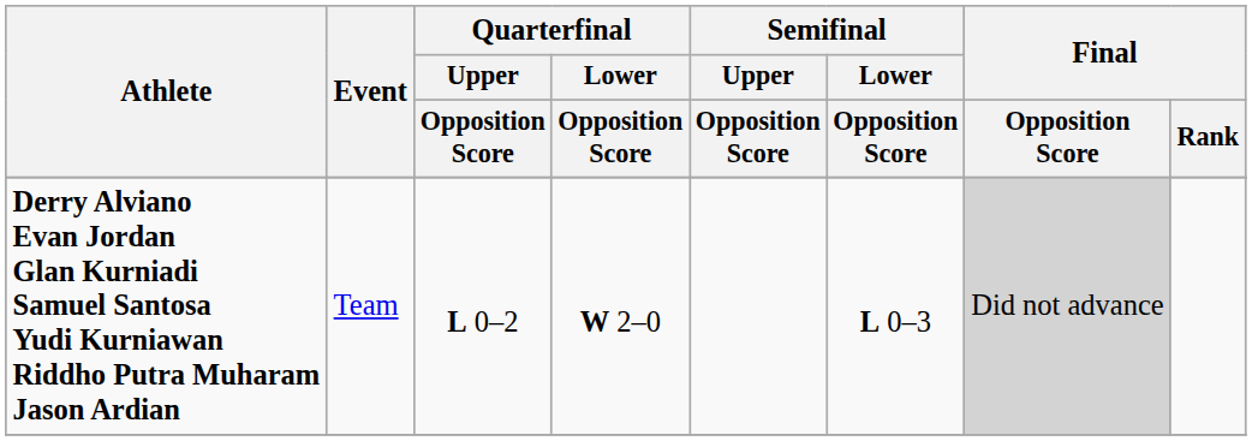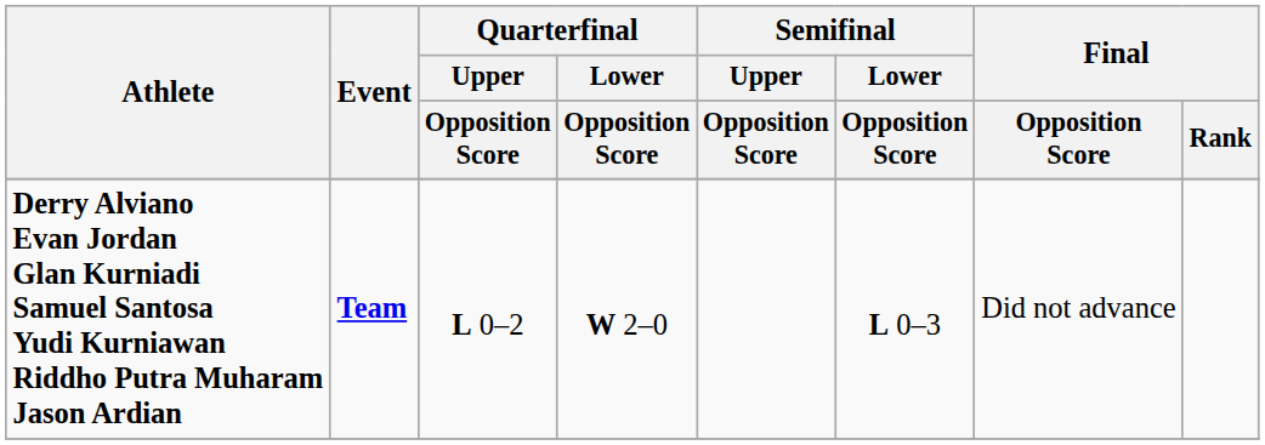 <table class="wikitable" style="font-size:90%">
 <tr>
 <th rowspan="3">Athlete</th>
 <th rowspan="3">Event</th>
 <th colspan="2">Quarterfinal</th>
 <th colspan="2">Semifinal</th>
 <th colspan="2" rowspan="2">Final</th>
 </tr>
 <tr style="font-size:90%", align="center">
 <th>Upper</th>
 <th>Lower</th>
 <th>Upper</th>
 <th>Lower</th>
 </tr>
 <tr style="font-size:90%", align="center">
 <th>Opposition<br>Score</th>
 <th>Opposition<br>Score</th>
 <th>Opposition<br>Score</th>
 <th>Opposition<br>Score</th>
 <th>Opposition<br>Score</th>
 <th>Rank</th>
 </tr>
 <tr>
 </tr>
 <tr align="center">
 <td align="left"><strong>Derry Alviano<br>Evan Jordan<br>Glan Kurniadi<br>Samuel Santosa<br>Yudi Kurniawan<br>Riddho Putra Muharam<br>Jason Ardian</strong></td>
-<td align="left"><a href='#'>Team</a></td>
+<td align="left"><strong><a href='#'>Team</a></strong></td>
 <td><br><strong>L</strong> 0–2</td>
 <td><br><strong>W</strong> 2–0</td>
 <td></td>
 <td><br><strong>L</strong> 0–3</td>
-<td style="background: lightgrey;">Did not advance</td>
+<td>Did not advance</td>
 <td></td>
 </tr>
 <tr>
 </tr>
 </table>
